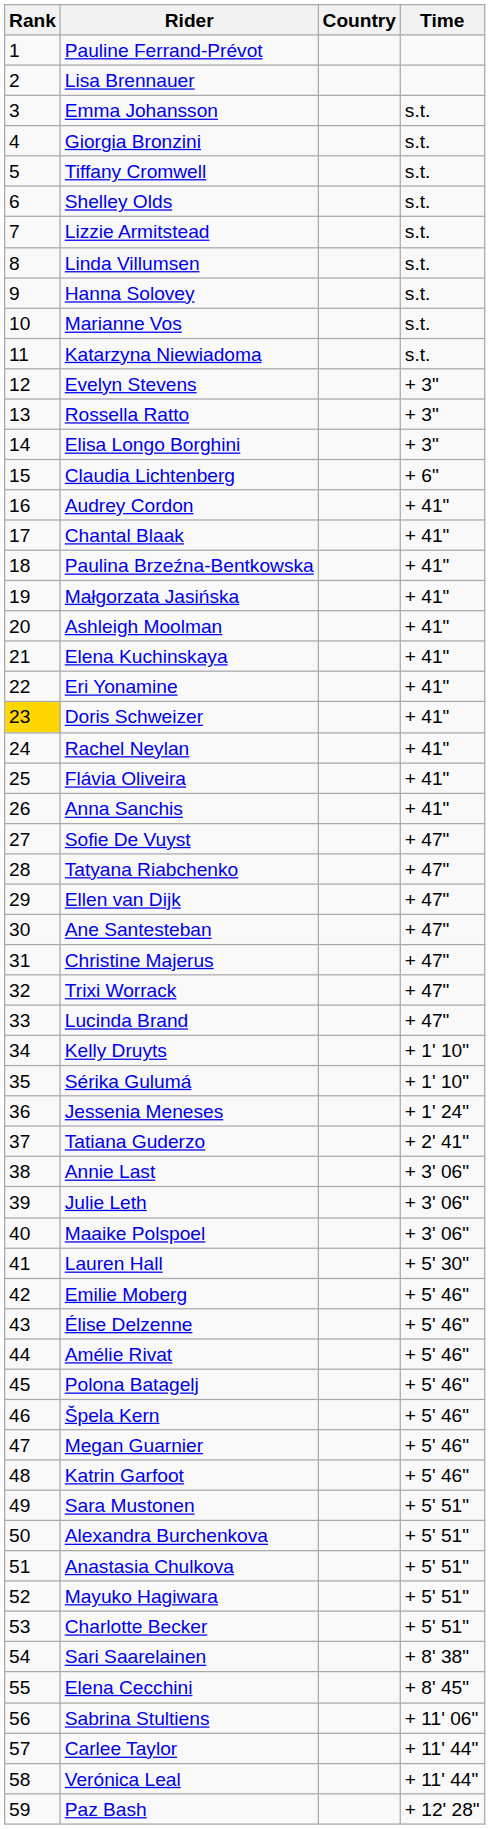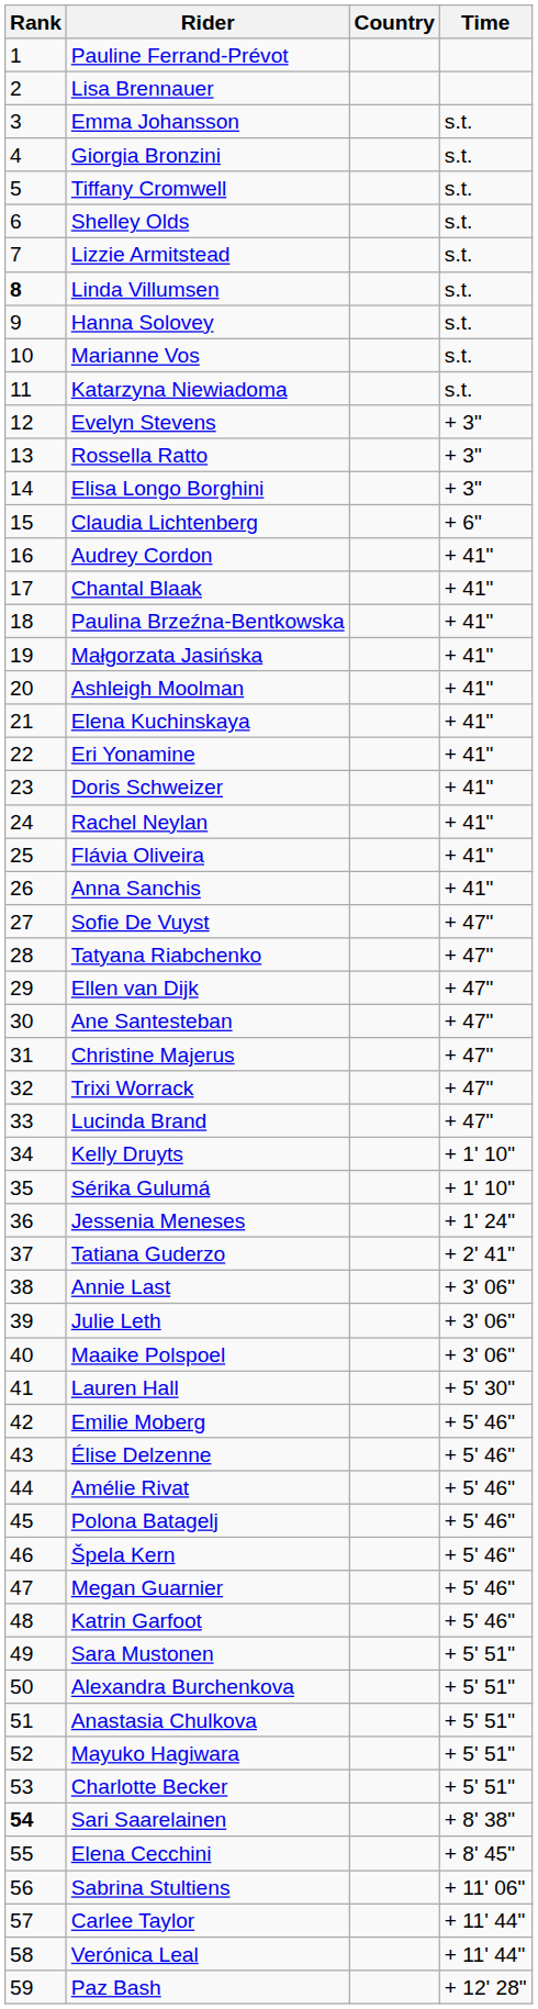 <table class="wikitable" style="font-size:95%; text-align:left;">
 <tr>
 <th>Rank</th>
 <th>Rider</th>
 <th>Country</th>
 <th>Time</th>
 </tr>
 <tr>
 <td>1</td>
 <td><a href='#'>Pauline Ferrand-Prévot</a></td>
 <td></td>
 <td></td>
 </tr>
 <tr>
 <td>2</td>
 <td><a href='#'>Lisa Brennauer</a></td>
 <td></td>
 <td></td>
 </tr>
 <tr>
 <td>3</td>
 <td><a href='#'>Emma Johansson</a></td>
 <td></td>
 <td>s.t.</td>
 </tr>
 <tr>
 <td>4</td>
 <td><a href='#'>Giorgia Bronzini</a></td>
 <td></td>
 <td>s.t.</td>
 </tr>
 <tr>
 <td>5</td>
 <td><a href='#'>Tiffany Cromwell</a></td>
 <td></td>
 <td>s.t.</td>
 </tr>
 <tr>
 <td>6</td>
 <td><a href='#'>Shelley Olds</a></td>
 <td></td>
 <td>s.t.</td>
 </tr>
 <tr>
 <td>7</td>
 <td><a href='#'>Lizzie Armitstead</a></td>
 <td></td>
 <td>s.t.</td>
 </tr>
 <tr>
-<td>8</td>
+<td><strong>8</strong></td>
 <td><a href='#'>Linda Villumsen</a></td>
 <td></td>
 <td>s.t.</td>
 </tr>
 <tr>
 <td>9</td>
 <td><a href='#'>Hanna Solovey</a></td>
 <td></td>
 <td>s.t.</td>
 </tr>
 <tr>
 <td>10</td>
 <td><a href='#'>Marianne Vos</a></td>
 <td></td>
 <td>s.t.</td>
 </tr>
 <tr>
 <td>11</td>
 <td><a href='#'>Katarzyna Niewiadoma</a></td>
 <td></td>
 <td>s.t.</td>
 </tr>
 <tr>
 <td>12</td>
 <td><a href='#'>Evelyn Stevens</a></td>
 <td></td>
 <td>+ 3"</td>
 </tr>
 <tr>
 <td>13</td>
 <td><a href='#'>Rossella Ratto</a></td>
 <td></td>
 <td>+ 3"</td>
 </tr>
 <tr>
 <td>14</td>
 <td><a href='#'>Elisa Longo Borghini</a></td>
 <td></td>
 <td>+ 3"</td>
 </tr>
 <tr>
 <td>15</td>
 <td><a href='#'>Claudia Lichtenberg</a></td>
 <td></td>
 <td>+ 6"</td>
 </tr>
 <tr>
 <td>16</td>
 <td><a href='#'>Audrey Cordon</a></td>
 <td></td>
 <td>+ 41"</td>
 </tr>
 <tr>
 <td>17</td>
 <td><a href='#'>Chantal Blaak</a></td>
 <td></td>
 <td>+ 41"</td>
 </tr>
 <tr>
 <td>18</td>
 <td><a href='#'>Paulina Brzeźna-Bentkowska</a></td>
 <td></td>
 <td>+ 41"</td>
 </tr>
 <tr>
 <td>19</td>
 <td><a href='#'>Małgorzata Jasińska</a></td>
 <td></td>
 <td>+ 41"</td>
 </tr>
 <tr>
 <td>20</td>
 <td><a href='#'>Ashleigh Moolman</a></td>
 <td></td>
 <td>+ 41"</td>
 </tr>
 <tr>
 <td>21</td>
 <td><a href='#'>Elena Kuchinskaya</a></td>
 <td></td>
 <td>+ 41"</td>
 </tr>
 <tr>
 <td>22</td>
 <td><a href='#'>Eri Yonamine</a></td>
 <td></td>
 <td>+ 41"</td>
 </tr>
 <tr>
-<td style="background: gold;">23</td>
+<td>23</td>
 <td><a href='#'>Doris Schweizer</a></td>
 <td></td>
 <td>+ 41"</td>
 </tr>
 <tr>
 <td>24</td>
 <td><a href='#'>Rachel Neylan</a></td>
 <td></td>
 <td>+ 41"</td>
 </tr>
 <tr>
 <td>25</td>
 <td><a href='#'>Flávia Oliveira</a></td>
 <td></td>
 <td>+ 41"</td>
 </tr>
 <tr>
 <td>26</td>
 <td><a href='#'>Anna Sanchis</a></td>
 <td></td>
 <td>+ 41"</td>
 </tr>
 <tr>
 <td>27</td>
 <td><a href='#'>Sofie De Vuyst</a></td>
 <td></td>
 <td>+ 47"</td>
 </tr>
 <tr>
 <td>28</td>
 <td><a href='#'>Tatyana Riabchenko</a></td>
 <td></td>
 <td>+ 47"</td>
 </tr>
 <tr>
 <td>29</td>
 <td><a href='#'>Ellen van Dijk</a></td>
 <td></td>
 <td>+ 47"</td>
 </tr>
 <tr>
 <td>30</td>
 <td><a href='#'>Ane Santesteban</a></td>
 <td></td>
 <td>+ 47"</td>
 </tr>
 <tr>
 <td>31</td>
 <td><a href='#'>Christine Majerus</a></td>
 <td></td>
 <td>+ 47"</td>
 </tr>
 <tr>
 <td>32</td>
 <td><a href='#'>Trixi Worrack</a></td>
 <td></td>
 <td>+ 47"</td>
 </tr>
 <tr>
 <td>33</td>
 <td><a href='#'>Lucinda Brand</a></td>
 <td></td>
 <td>+ 47"</td>
 </tr>
 <tr>
 <td>34</td>
 <td><a href='#'>Kelly Druyts</a></td>
 <td></td>
 <td>+ 1' 10"</td>
 </tr>
 <tr>
 <td>35</td>
 <td><a href='#'>Sérika Gulumá</a></td>
 <td></td>
 <td>+ 1' 10"</td>
 </tr>
 <tr>
 <td>36</td>
 <td><a href='#'>Jessenia Meneses</a></td>
 <td></td>
 <td>+ 1' 24"</td>
 </tr>
 <tr>
 <td>37</td>
 <td><a href='#'>Tatiana Guderzo</a></td>
 <td></td>
 <td>+ 2' 41"</td>
 </tr>
 <tr>
 <td>38</td>
 <td><a href='#'>Annie Last</a></td>
 <td></td>
 <td>+ 3' 06"</td>
 </tr>
 <tr>
 <td>39</td>
 <td><a href='#'>Julie Leth</a></td>
 <td></td>
 <td>+ 3' 06"</td>
 </tr>
 <tr>
 <td>40</td>
 <td><a href='#'>Maaike Polspoel</a></td>
 <td></td>
 <td>+ 3' 06"</td>
 </tr>
 <tr>
 <td>41</td>
 <td><a href='#'>Lauren Hall</a></td>
 <td></td>
 <td>+ 5' 30"</td>
 </tr>
 <tr>
 <td>42</td>
 <td><a href='#'>Emilie Moberg</a></td>
 <td></td>
 <td>+ 5' 46"</td>
 </tr>
 <tr>
 <td>43</td>
 <td><a href='#'>Élise Delzenne</a></td>
 <td></td>
 <td>+ 5' 46"</td>
 </tr>
 <tr>
 <td>44</td>
 <td><a href='#'>Amélie Rivat</a></td>
 <td></td>
 <td>+ 5' 46"</td>
 </tr>
 <tr>
 <td>45</td>
 <td><a href='#'>Polona Batagelj</a></td>
 <td></td>
 <td>+ 5' 46"</td>
 </tr>
 <tr>
 <td>46</td>
 <td><a href='#'>Špela Kern</a></td>
 <td></td>
 <td>+ 5' 46"</td>
 </tr>
 <tr>
 <td>47</td>
 <td><a href='#'>Megan Guarnier</a></td>
 <td></td>
 <td>+ 5' 46"</td>
 </tr>
 <tr>
 <td>48</td>
 <td><a href='#'>Katrin Garfoot</a></td>
 <td></td>
 <td>+ 5' 46"</td>
 </tr>
 <tr>
 <td>49</td>
 <td><a href='#'>Sara Mustonen</a></td>
 <td></td>
 <td>+ 5' 51"</td>
 </tr>
 <tr>
 <td>50</td>
 <td><a href='#'>Alexandra Burchenkova</a></td>
 <td></td>
 <td>+ 5' 51"</td>
 </tr>
 <tr>
 <td>51</td>
 <td><a href='#'>Anastasia Chulkova</a></td>
 <td></td>
 <td>+ 5' 51"</td>
 </tr>
 <tr>
 <td>52</td>
 <td><a href='#'>Mayuko Hagiwara</a></td>
 <td></td>
 <td>+ 5' 51"</td>
 </tr>
 <tr>
 <td>53</td>
 <td><a href='#'>Charlotte Becker</a></td>
 <td></td>
 <td>+ 5' 51"</td>
 </tr>
 <tr>
-<td>54</td>
+<td><strong>54</strong></td>
 <td><a href='#'>Sari Saarelainen</a></td>
 <td></td>
 <td>+ 8' 38"</td>
 </tr>
 <tr>
 <td>55</td>
 <td><a href='#'>Elena Cecchini</a></td>
 <td></td>
 <td>+ 8' 45"</td>
 </tr>
 <tr>
 <td>56</td>
 <td><a href='#'>Sabrina Stultiens</a></td>
 <td></td>
 <td>+ 11' 06"</td>
 </tr>
 <tr>
 <td>57</td>
 <td><a href='#'>Carlee Taylor</a></td>
 <td></td>
 <td>+ 11' 44"</td>
 </tr>
 <tr>
 <td>58</td>
 <td><a href='#'>Verónica Leal</a></td>
 <td></td>
 <td>+ 11' 44"</td>
 </tr>
 <tr>
 <td>59</td>
 <td><a href='#'>Paz Bash</a></td>
 <td></td>
 <td>+ 12' 28"</td>
 </tr>
 </table>
